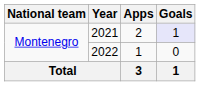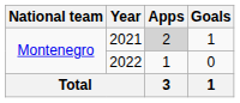 <table class="wikitable" style="text-align:center">
 <tr>
 <th>National team</th>
 <th>Year</th>
 <th>Apps</th>
 <th>Goals</th>
 </tr>
 <tr>
 <td rowspan="2"><a href='#'>Montenegro</a></td>
 <td>2021</td>
-<td>2</td>
-<td style="background: lavender;">1</td>
+<td style="background: lightgrey;">2</td>
+<td>1</td>
 </tr>
 <tr>
 <td>2022</td>
 <td>1</td>
 <td>0</td>
 </tr>
 <tr>
 <th colspan="2">Total</th>
 <th>3</th>
 <th>1</th>
 </tr>
 </table>
